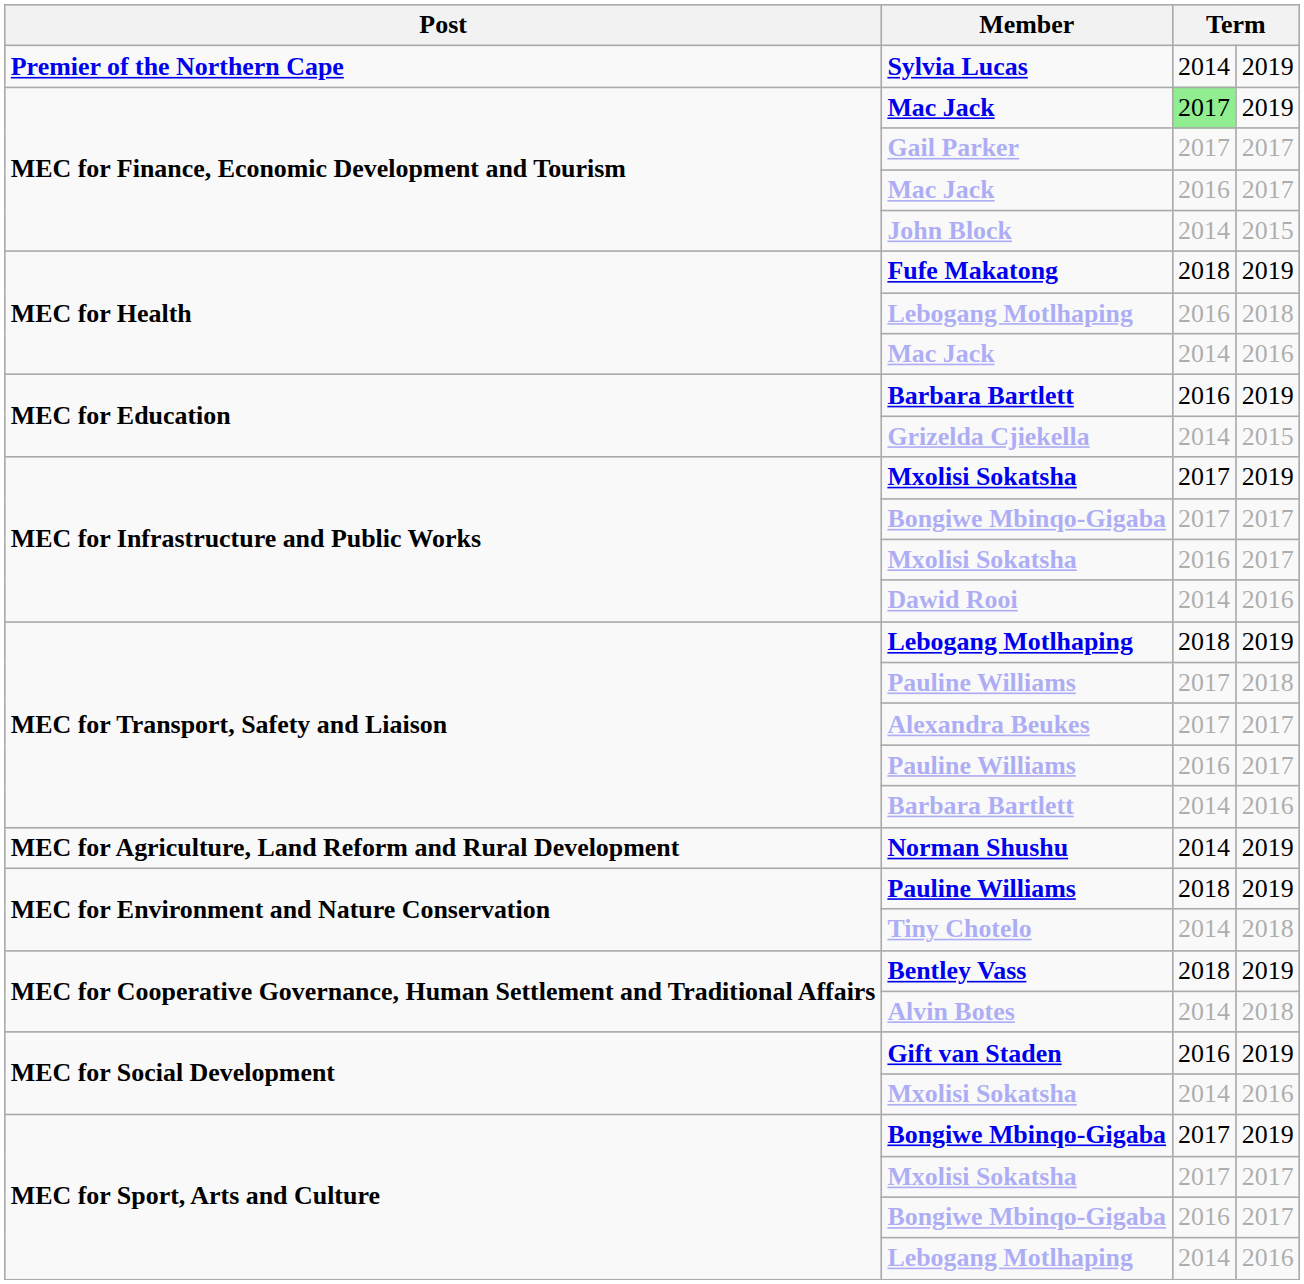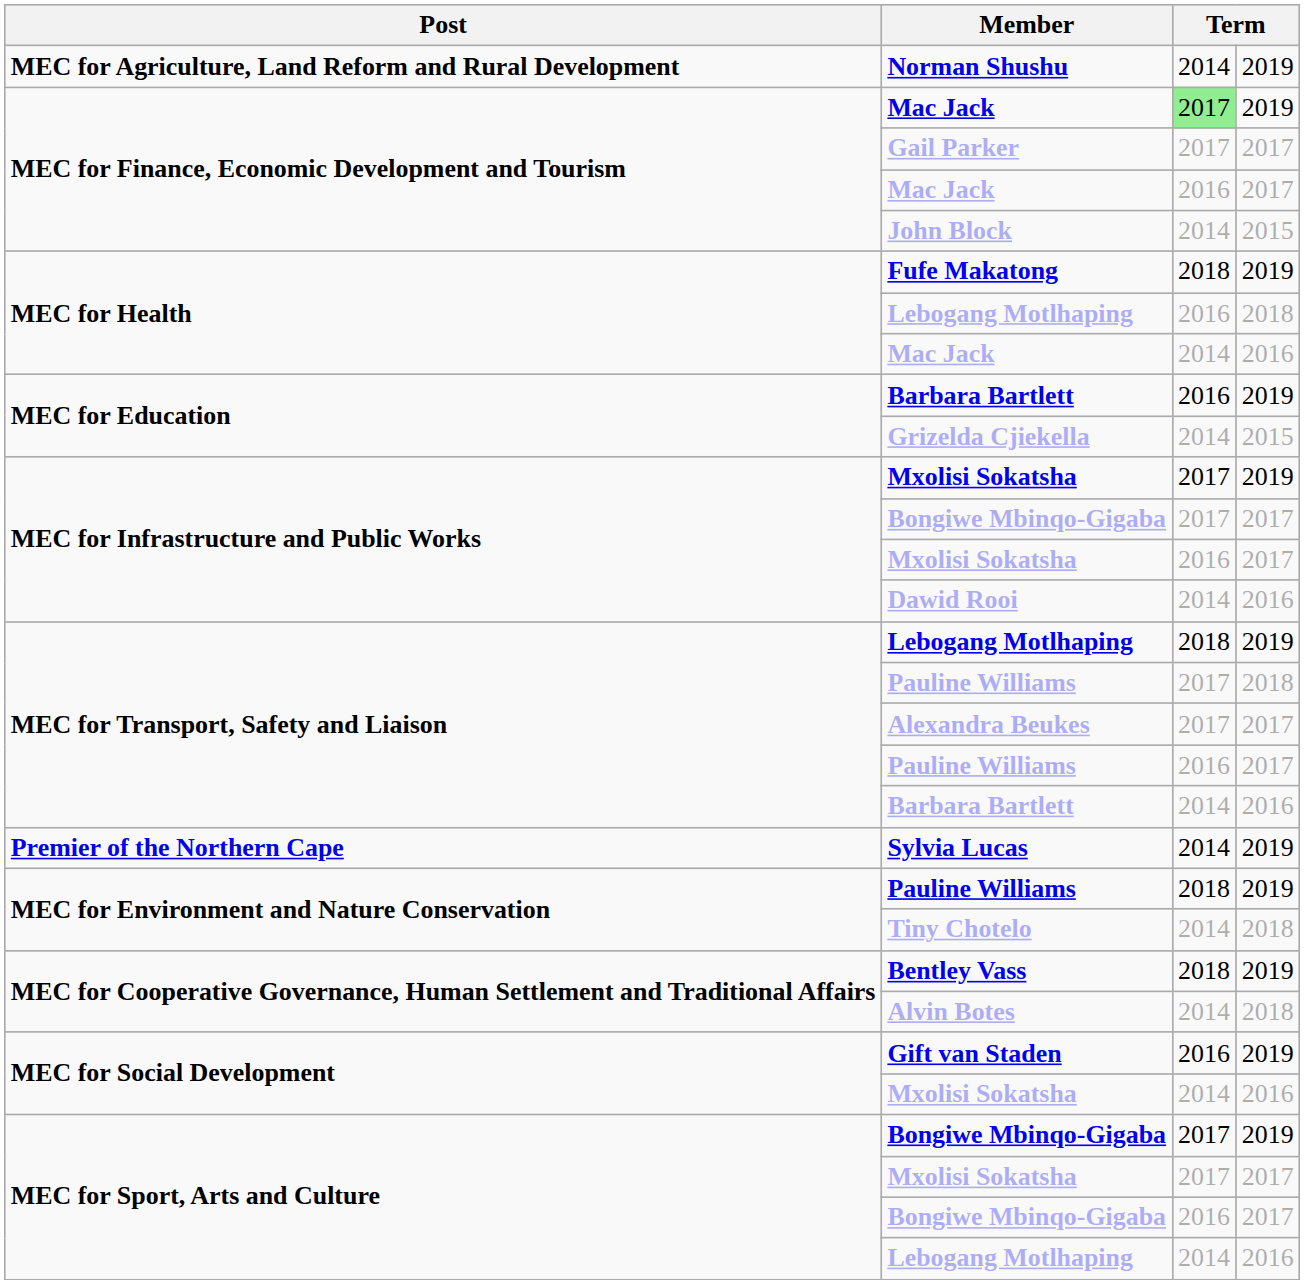 <table class="wikitable">
 <tr>
 <th>Post</th>
 <th>Member</th>
 <th colspan="2">Term</th>
 </tr>
 <tr>
-<td><strong><a href='#'>Premier of the Northern Cape</a></strong></td>
-<td><strong><a href='#'>Sylvia Lucas</a></strong></td>
+<td><strong>MEC for Agriculture, Land Reform and Rural Development</strong></td>
+<td><strong><a href='#'>Norman Shushu</a></strong></td>
 <td>2014</td>
 <td>2019</td>
 </tr>
 <tr>
 <td rowspan="4"><strong>MEC for Finance, Economic Development and Tourism</strong></td>
 <td><strong><a href='#'>Mac Jack</a></strong></td>
 <td style="background: lightgreen;">2017</td>
 <td>2019</td>
 </tr>
 <tr style="opacity:.3;">
 <td><a href='#'><strong>Gail Parker</strong></a></td>
 <td>2017</td>
 <td>2017</td>
 </tr>
 <tr style="opacity:.3;">
 <td><strong><a href='#'>Mac Jack</a></strong></td>
 <td>2016</td>
 <td>2017</td>
 </tr>
 <tr style="opacity:.3;">
 <td><a href='#'><strong>John Block</strong></a></td>
 <td>2014</td>
 <td>2015</td>
 </tr>
 <tr>
 <td rowspan="3"><strong>MEC for Health</strong></td>
 <td><strong><a href='#'>Fufe Makatong</a></strong></td>
 <td>2018</td>
 <td>2019</td>
 </tr>
 <tr style="opacity:.3;">
 <td><strong><a href='#'>Lebogang Motlhaping</a></strong></td>
 <td>2016</td>
 <td>2018</td>
 </tr>
 <tr style="opacity:.3;">
 <td><strong><a href='#'>Mac Jack</a></strong></td>
 <td>2014</td>
 <td>2016</td>
 </tr>
 <tr>
 <td rowspan="2"><strong>MEC for Education</strong></td>
 <td><strong><a href='#'>Barbara Bartlett</a></strong></td>
 <td>2016</td>
 <td>2019</td>
 </tr>
 <tr style="opacity:.3;">
 <td><strong><a href='#'>Grizelda Cjiekella</a></strong></td>
 <td>2014</td>
 <td>2015</td>
 </tr>
 <tr>
 <td rowspan="4"><strong>MEC for Infrastructure and Public Works</strong></td>
 <td><a href='#'><strong>Mxolisi Sokatsha</strong></a></td>
 <td>2017</td>
 <td>2019</td>
 </tr>
 <tr style="opacity:.3;">
 <td><strong><a href='#'>Bongiwe Mbinqo-Gigaba</a></strong></td>
 <td>2017</td>
 <td>2017</td>
 </tr>
 <tr style="opacity:.3;">
 <td><a href='#'><strong>Mxolisi Sokatsha</strong></a></td>
 <td>2016</td>
 <td>2017</td>
 </tr>
 <tr style="opacity:.3;">
 <td><strong><a href='#'>Dawid Rooi</a></strong></td>
 <td>2014</td>
 <td>2016</td>
 </tr>
 <tr>
 <td rowspan="5"><strong>MEC for Transport, Safety and Liaison</strong></td>
 <td><strong><a href='#'>Lebogang Motlhaping</a></strong></td>
 <td>2018</td>
 <td>2019</td>
 </tr>
 <tr style="opacity:.3;">
 <td><strong><a href='#'>Pauline Williams</a></strong></td>
 <td>2017</td>
 <td>2018</td>
 </tr>
 <tr style="opacity:.3;">
 <td><strong><a href='#'>Alexandra Beukes</a></strong></td>
 <td>2017</td>
 <td>2017</td>
 </tr>
 <tr style="opacity:.3;">
 <td><strong><a href='#'>Pauline Williams</a></strong></td>
 <td>2016</td>
 <td>2017</td>
 </tr>
 <tr style="opacity:.3;">
 <td><strong><a href='#'>Barbara Bartlett</a></strong></td>
 <td>2014</td>
 <td>2016</td>
 </tr>
 <tr>
-<td><strong>MEC for Agriculture, Land Reform and Rural Development</strong></td>
-<td><strong><a href='#'>Norman Shushu</a></strong></td>
+<td><strong><a href='#'>Premier of the Northern Cape</a></strong></td>
+<td><strong><a href='#'>Sylvia Lucas</a></strong></td>
 <td>2014</td>
 <td>2019</td>
 </tr>
 <tr>
 <td rowspan="2"><strong>MEC for Environment and Nature Conservation</strong></td>
 <td><strong><a href='#'>Pauline Williams</a></strong></td>
 <td>2018</td>
 <td>2019</td>
 </tr>
 <tr style="opacity:.3;">
 <td><strong><a href='#'>Tiny Chotelo</a></strong></td>
 <td>2014</td>
 <td>2018</td>
 </tr>
 <tr>
 <td rowspan="2"><strong>MEC for Cooperative Governance, Human Settlement and Traditional Affairs</strong></td>
 <td><strong><a href='#'>Bentley Vass</a></strong></td>
 <td>2018</td>
 <td>2019</td>
 </tr>
 <tr style="opacity:.3;">
 <td><strong><a href='#'>Alvin Botes</a></strong></td>
 <td>2014</td>
 <td>2018</td>
 </tr>
 <tr>
 <td rowspan="2"><strong>MEC for Social Development</strong></td>
 <td><strong><a href='#'>Gift van Staden</a></strong></td>
 <td>2016</td>
 <td>2019</td>
 </tr>
 <tr style="opacity:.3;">
 <td><a href='#'><strong>Mxolisi Sokatsha</strong></a></td>
 <td>2014</td>
 <td>2016</td>
 </tr>
 <tr>
 <td rowspan="4"><strong>MEC for Sport, Arts and Culture</strong></td>
 <td><strong><a href='#'>Bongiwe Mbinqo-Gigaba</a></strong></td>
 <td>2017</td>
 <td>2019</td>
 </tr>
 <tr style="opacity:.3;">
 <td><a href='#'><strong>Mxolisi Sokatsha</strong></a></td>
 <td>2017</td>
 <td>2017</td>
 </tr>
 <tr style="opacity:.3;">
 <td><strong><a href='#'>Bongiwe Mbinqo-Gigaba</a></strong></td>
 <td>2016</td>
 <td>2017</td>
 </tr>
 <tr style="opacity:.3;">
 <td><strong><a href='#'>Lebogang Motlhaping</a></strong></td>
 <td>2014</td>
 <td>2016</td>
 </tr>
 </table>
